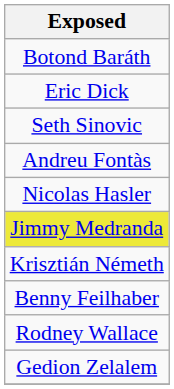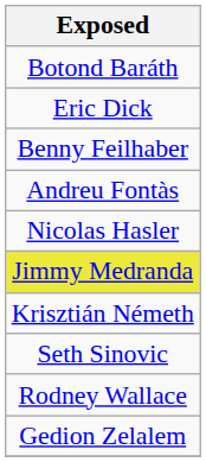 <table class="wikitable" style="text-align:center">
 <tr>
 <th>Exposed</th>
 </tr>
 <tr>
 <td><a href='#'>Botond Baráth</a></td>
 </tr>
 <tr>
 <td><a href='#'>Eric Dick</a></td>
 </tr>
 <tr>
-<td><a href='#'>Seth Sinovic</a></td>
+<td><a href='#'>Benny Feilhaber</a></td>
 </tr>
 <tr>
 <td><a href='#'>Andreu Fontàs</a></td>
 </tr>
 <tr>
 <td><a href='#'>Nicolas Hasler</a></td>
 </tr>
 <tr>
 <td style="background: #ede939"><a href='#'>Jimmy Medranda</a></td>
 </tr>
 <tr>
 <td><a href='#'>Krisztián Németh</a></td>
 </tr>
 <tr>
-<td><a href='#'>Benny Feilhaber</a></td>
+<td><a href='#'>Seth Sinovic</a></td>
 </tr>
 <tr>
 <td><a href='#'>Rodney Wallace</a></td>
 </tr>
 <tr>
 <td><a href='#'>Gedion Zelalem</a></td>
 </tr>
 <tr>
 </tr>
 </table>
